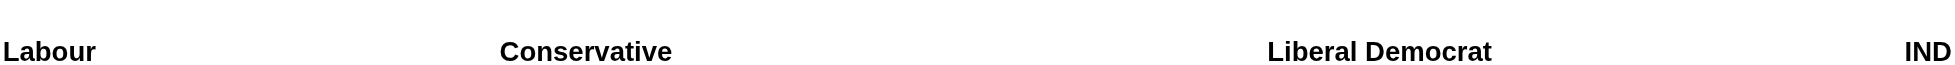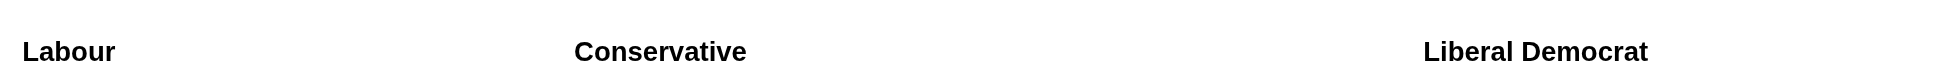 <table style="width:100%; text-align:center;">
 <tr style="color:white;">
 <td style="background:"><strong>32</strong></td>
 <td style="background:"><strong>21</strong></td>
 <td style="background:"><strong>11</strong></td>
-<td style="background:"><strong>3</strong></td>
 </tr>
 <tr>
 <td><span><strong>Labour</strong></span></td>
 <td><span><strong>Conservative</strong></span></td>
 <td><span><strong>Liberal Democrat</strong></span></td>
-<td><span><strong>IND</strong></span></td>
 </tr>
 </table>
